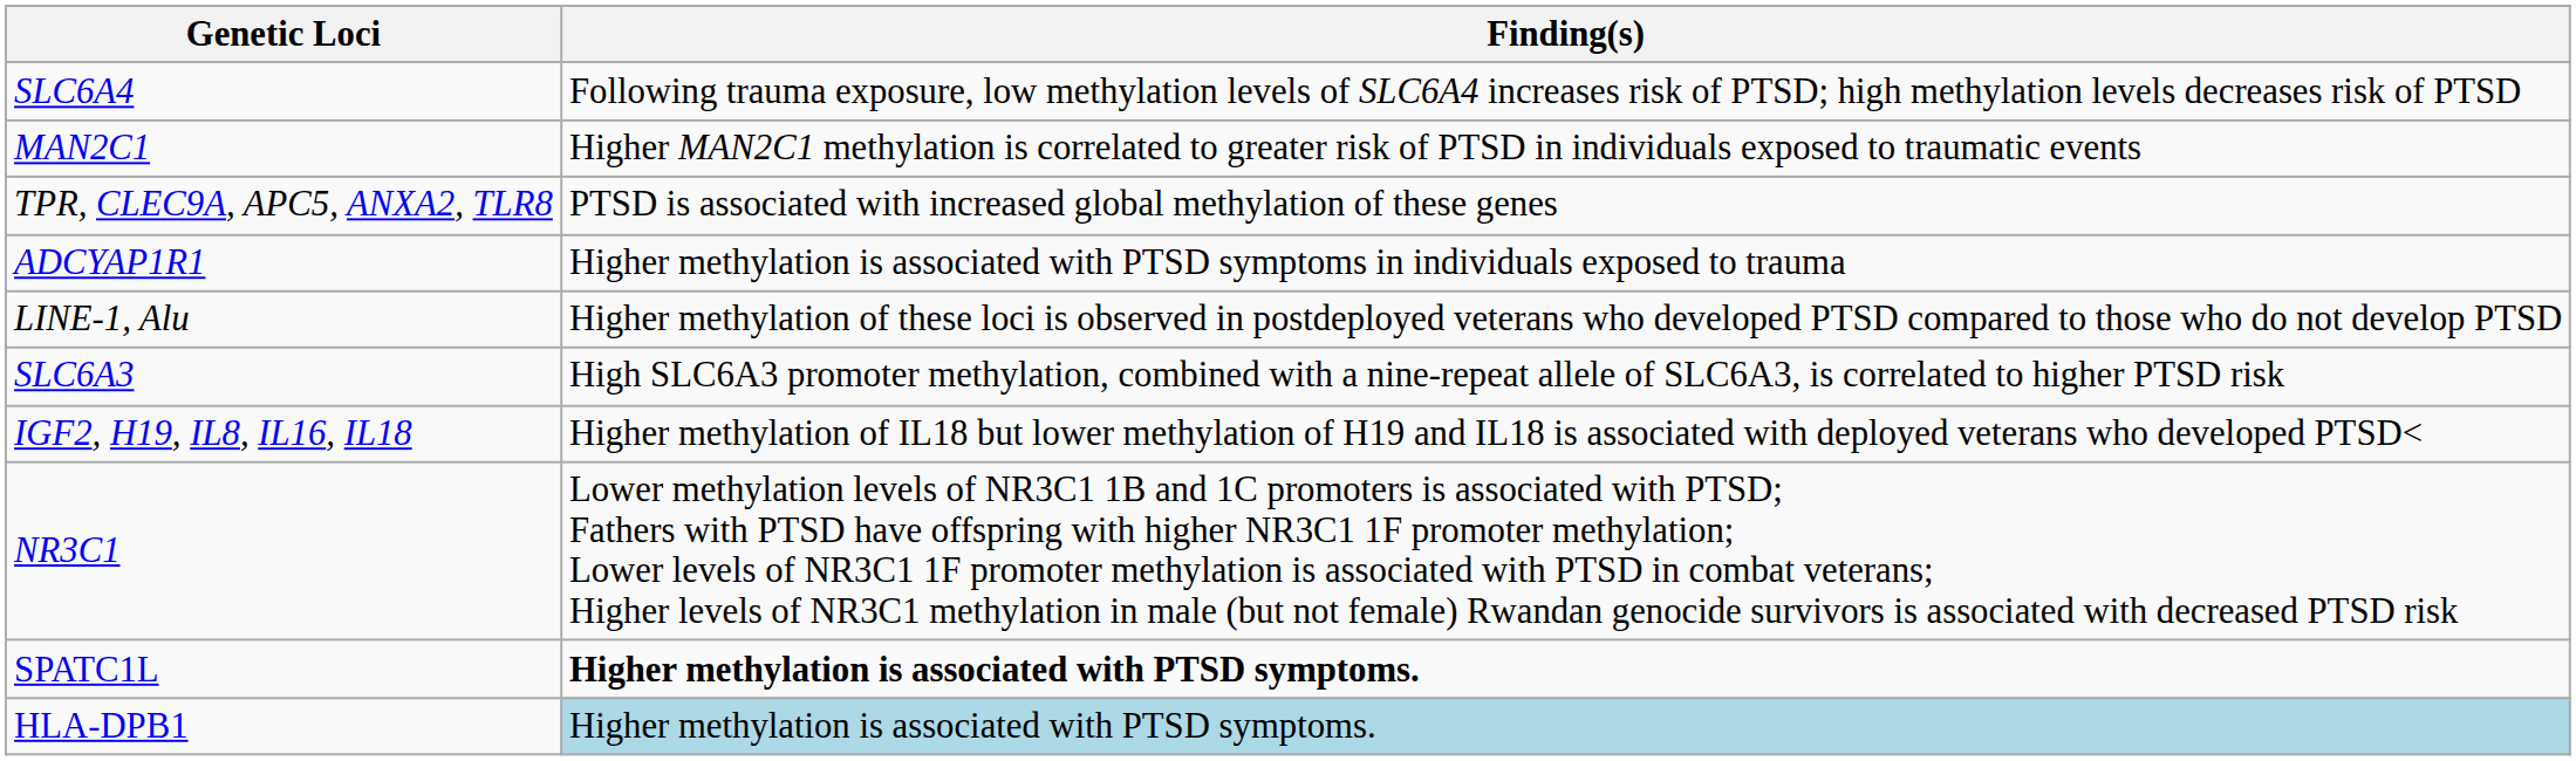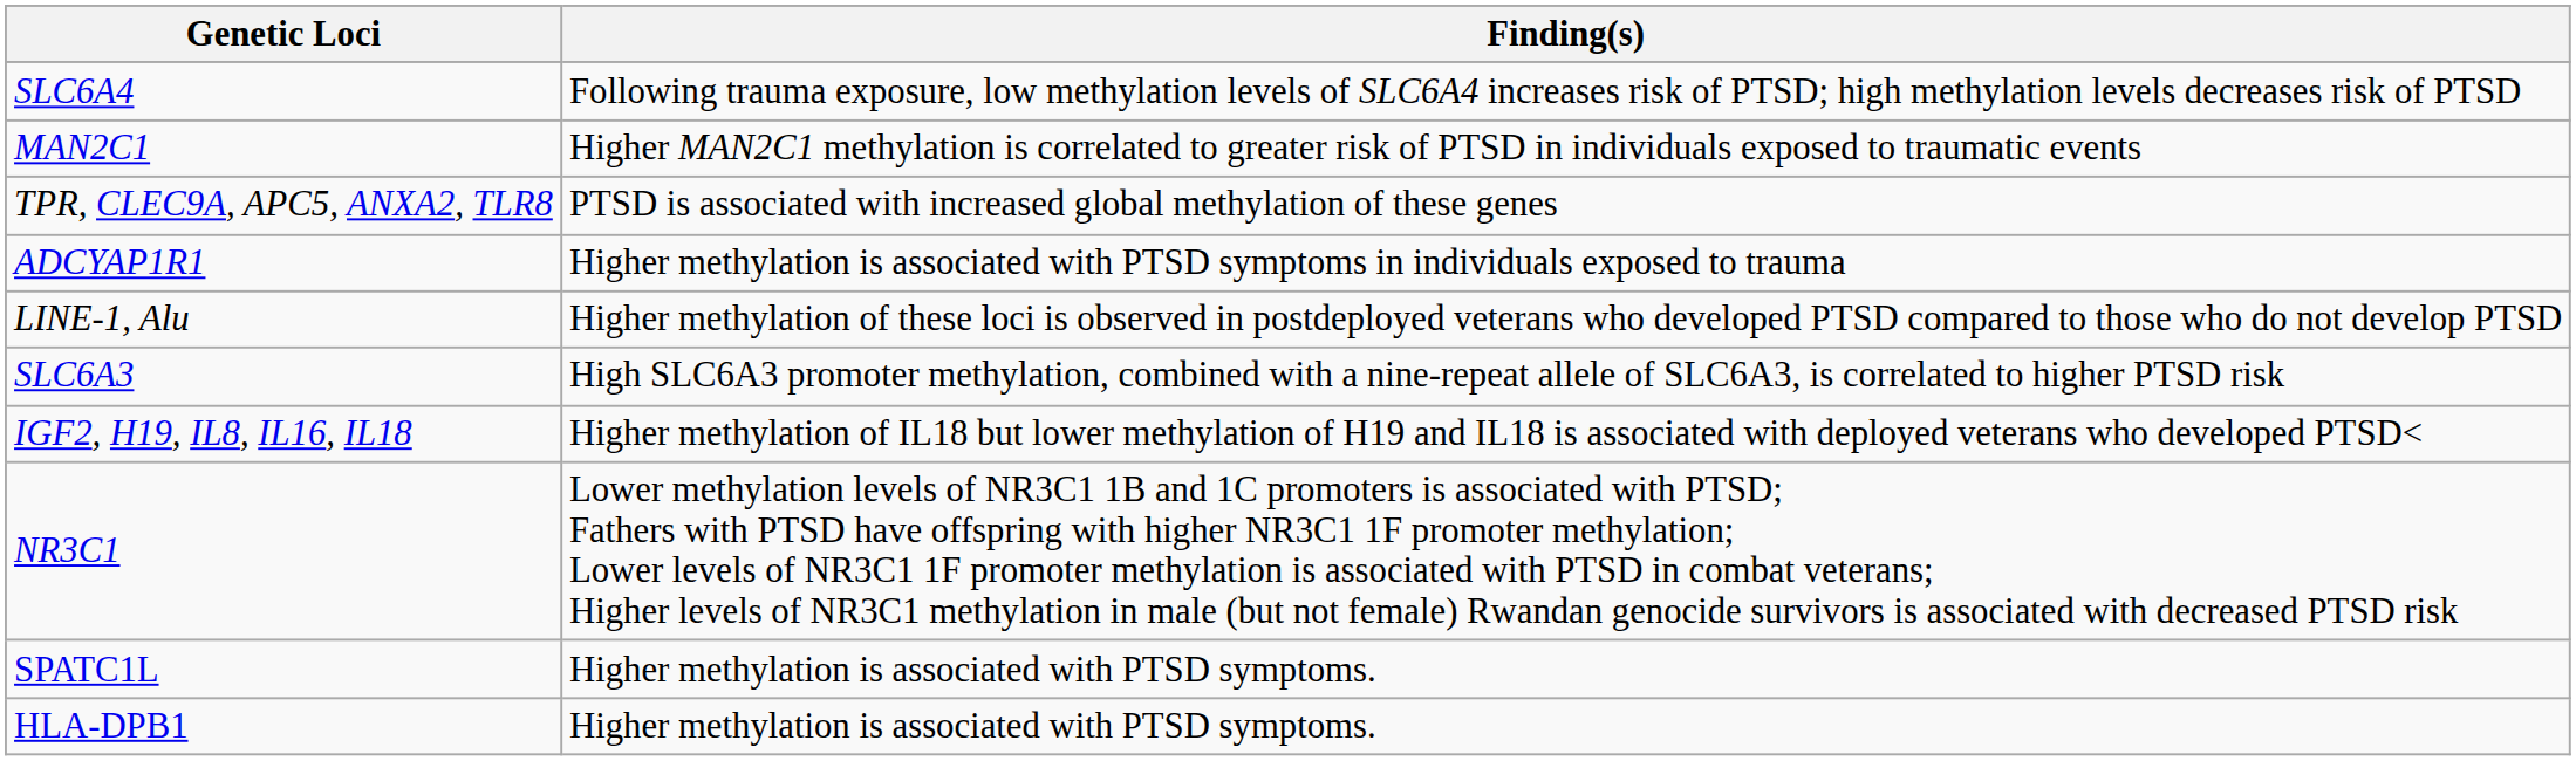 <table class="wikitable">
 <tr>
 <th>Genetic Loci</th>
 <th>Finding(s)</th>
 </tr>
 <tr>
 <td><em><a href='#'>SLC6A4</a></em></td>
 <td>Following trauma exposure, low methylation levels of <em>SLC6A4</em> increases risk of PTSD; high methylation levels decreases risk of PTSD</td>
 </tr>
 <tr>
 <td><em><a href='#'>MAN2C1</a></em></td>
 <td>Higher <em>MAN2C1</em> methylation is correlated to greater risk of PTSD in individuals exposed to traumatic events</td>
 </tr>
 <tr>
 <td><em>TPR, <a href='#'>CLEC9A</a>, APC5, <a href='#'>ANXA2</a>, <a href='#'>TLR8</a></em></td>
 <td>PTSD is associated with increased global methylation of these genes</td>
 </tr>
 <tr>
 <td><em><a href='#'>ADCYAP1R1</a></em></td>
 <td>Higher methylation is associated with PTSD symptoms in individuals exposed to trauma</td>
 </tr>
 <tr>
 <td><em>LINE-1, Alu</em></td>
 <td>Higher methylation of these loci is observed in postdeployed veterans who developed PTSD compared to those who do not develop PTSD</td>
 </tr>
 <tr>
 <td><em><a href='#'>SLC6A3</a></em></td>
 <td>High SLC6A3 promoter methylation, combined with a nine-repeat allele of SLC6A3, is correlated to higher PTSD risk</td>
 </tr>
 <tr>
 <td><em><a href='#'>IGF2</a>, <a href='#'>H19</a>, <a href='#'>IL8</a>, <a href='#'>IL16</a>, <a href='#'>IL18</a></em></td>
 <td>Higher methylation of IL18 but lower methylation of H19 and IL18 is associated with deployed veterans who developed PTSD<</td>
 </tr>
 <tr>
 <td><em><a href='#'>NR3C1</a></em></td>
 <td>Lower methylation levels of NR3C1 1B and 1C promoters is associated with PTSD;<br>Fathers with PTSD have offspring with higher NR3C1 1F promoter methylation;<br>Lower levels of NR3C1 1F promoter methylation is associated with PTSD in combat veterans;<br>Higher levels of NR3C1 methylation in male (but not female) Rwandan genocide survivors is associated with decreased PTSD risk</td>
 </tr>
 <tr>
 <td><a href='#'>SPATC1L</a></td>
-<td><strong>Higher methylation is associated with PTSD symptoms.</strong></td>
+<td>Higher methylation is associated with PTSD symptoms.</td>
 </tr>
 <tr>
 <td><a href='#'>HLA-DPB1</a></td>
-<td style="background: lightblue;">Higher methylation is associated with PTSD symptoms.</td>
+<td>Higher methylation is associated with PTSD symptoms.</td>
 </tr>
 </table>
